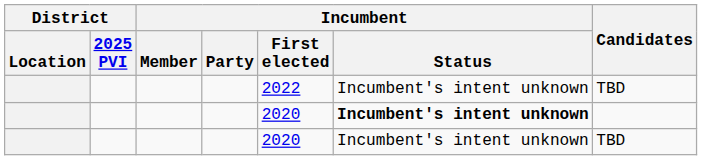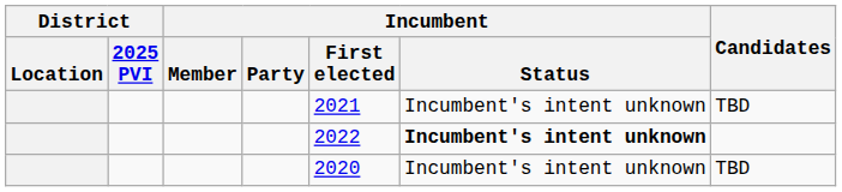 <table class="wikitable sortable">
 <tr>
 <th colspan=2>District</th>
 <th colspan=4>Incumbent</th>
 <th rowspan=2 class="unsortable">Candidates</th>
 </tr>
 <tr valign=bottom>
 <th>Location</th>
 <th><a href='#'>2025<br>PVI</a></th>
 <th>Member</th>
 <th>Party</th>
 <th>First<br>elected</th>
 <th>Status</th>
 </tr>
 <tr>
 <th></th>
 <td></td>
 <td></td>
 <td></td>
-<td><a href='#'>2022 </a></td>
+<td><a href='#'>2021 </a></td>
 <td>Incumbent's intent unknown</td>
 <td>TBD</td>
 </tr>
 <tr>
 <th></th>
 <td></td>
 <td></td>
 <td></td>
-<td><a href='#'>2020</a></td>
+<td><a href='#'>2022</a></td>
 <td><strong>Incumbent's intent unknown</strong></td>
 <td></td>
 </tr>
 <tr>
 <th></th>
 <td></td>
 <td></td>
 <td></td>
 <td><a href='#'>2020</a></td>
 <td>Incumbent's intent unknown</td>
 <td>TBD</td>
 </tr>
 </table>
